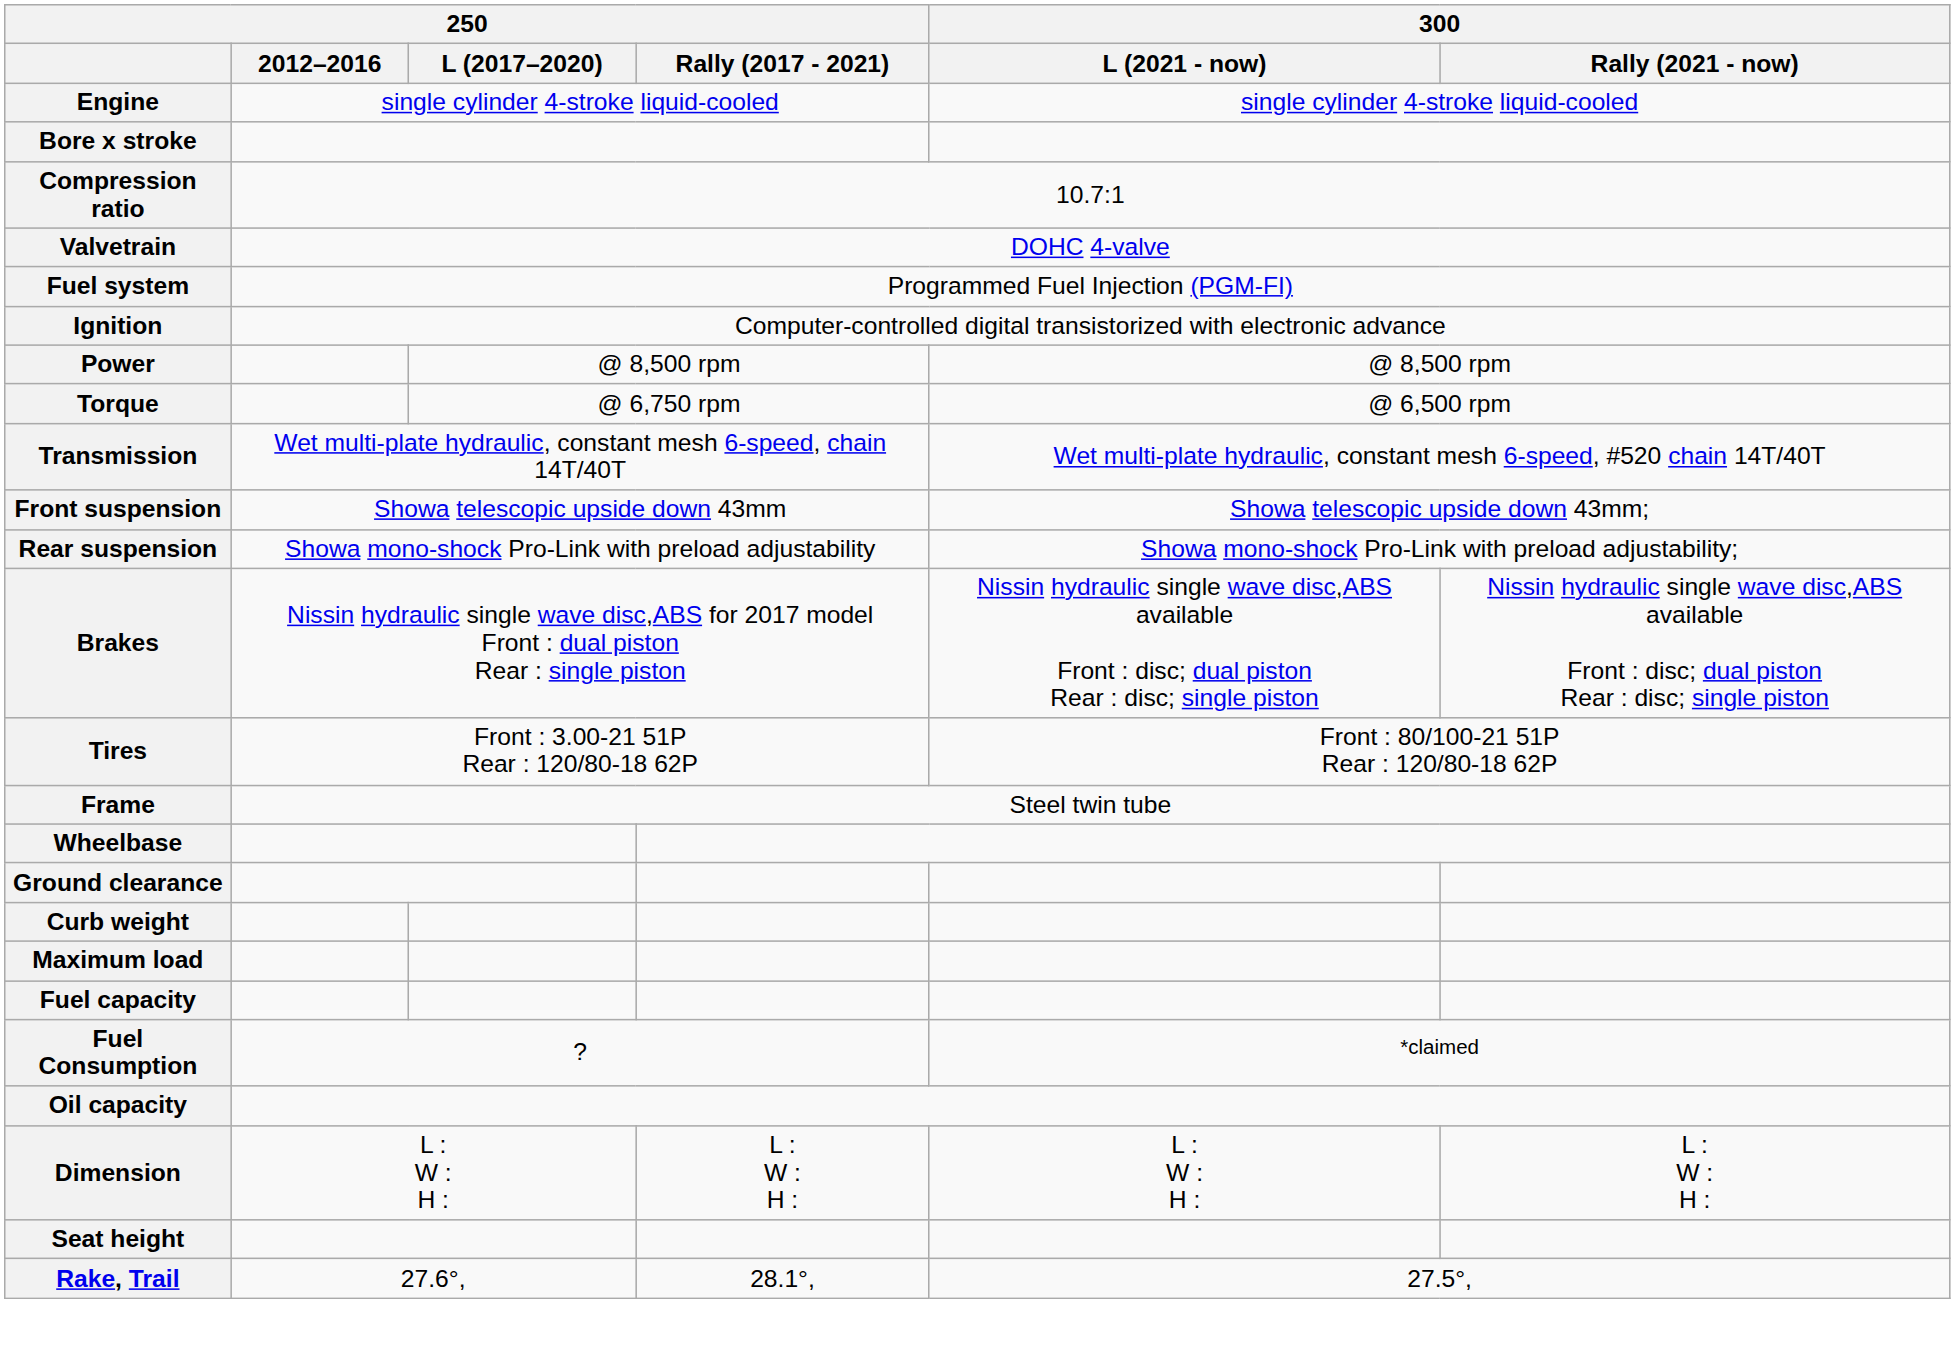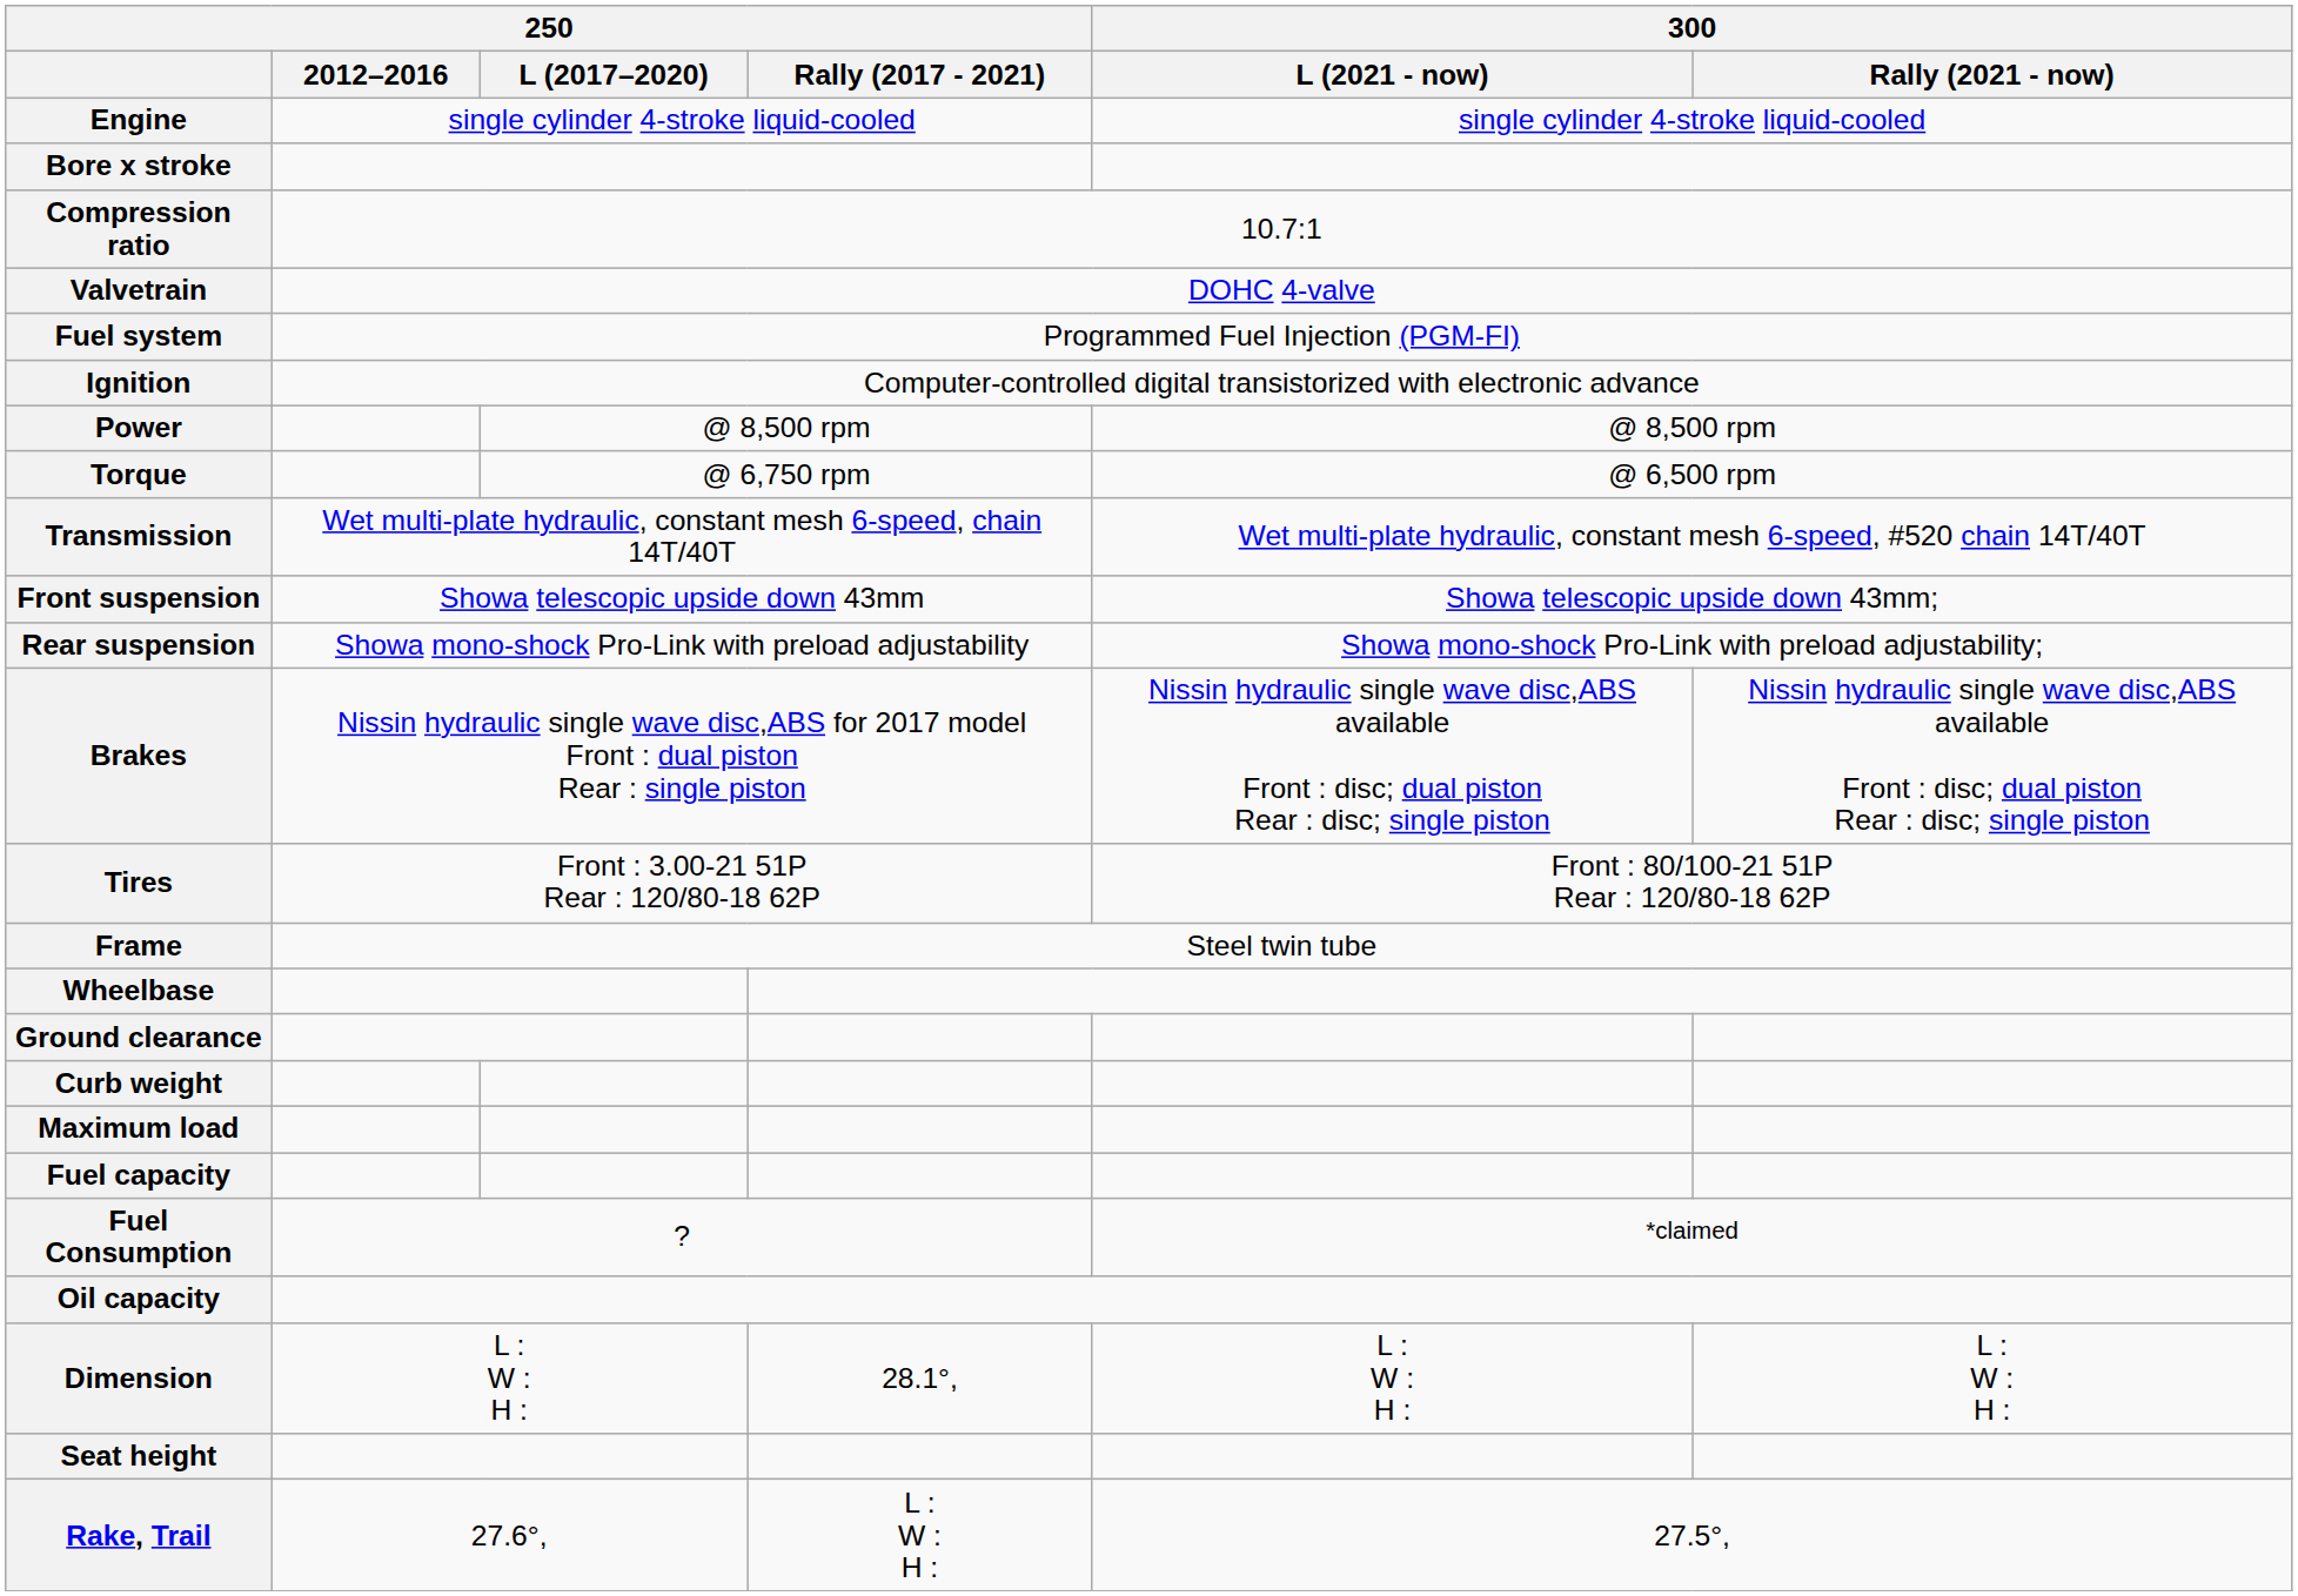 <table class="wikitable" style="margin:auto; text-align:center;">
 <tr>
 <th colspan="4">250</th>
 <th colspan="2">300</th>
 </tr>
 <tr>
 <th></th>
 <th>2012–2016</th>
 <th>L (2017–2020)</th>
 <th>Rally (2017 - 2021)</th>
 <th>L (2021 - now)</th>
 <th>Rally (2021 - now)</th>
 </tr>
 <tr>
 <th>Engine</th>
 <td colspan="3"> <a href='#'>single cylinder</a> <a href='#'>4-stroke</a> <a href='#'>liquid-cooled</a></td>
 <td colspan="2"> <a href='#'>single cylinder</a> <a href='#'>4-stroke</a> <a href='#'>liquid-cooled</a></td>
 </tr>
 <tr>
 <th>Bore x stroke</th>
 <td colspan="3"></td>
 <td colspan="2"></td>
 </tr>
 <tr>
 <th>Compression ratio</th>
 <td colspan="5">10.7:1</td>
 </tr>
 <tr>
 <th>Valvetrain</th>
 <td colspan="5"><a href='#'>DOHC</a> <a href='#'>4-valve</a></td>
 </tr>
 <tr>
 <th>Fuel system</th>
 <td colspan="5">Programmed Fuel Injection <a href='#'>(PGM-FI)</a></td>
 </tr>
 <tr>
 <th>Ignition</th>
 <td colspan="5">Computer-controlled digital transistorized with electronic advance</td>
 </tr>
 <tr>
 <th>Power</th>
 <td></td>
 <td colspan="2"> @ 8,500 rpm</td>
 <td colspan="2"> @ 8,500 rpm</td>
 </tr>
 <tr>
 <th>Torque</th>
 <td></td>
 <td colspan="2"> @ 6,750 rpm</td>
 <td colspan="2"> @ 6,500 rpm</td>
 </tr>
 <tr>
 <th>Transmission</th>
 <td colspan="3"><a href='#'>Wet multi-plate hydraulic</a>, constant mesh <a href='#'>6-speed</a>, <a href='#'>chain</a> 14T/40T</td>
 <td colspan="2"><a href='#'>Wet multi-plate hydraulic</a>, constant mesh <a href='#'>6-speed</a>, #520 <a href='#'>chain</a> 14T/40T</td>
 </tr>
 <tr>
 <th>Front suspension</th>
 <td colspan="3"><a href='#'>Showa</a>  <a href='#'>telescopic upside down</a> 43mm</td>
 <td colspan="2"><a href='#'>Showa</a>  <a href='#'>telescopic upside down</a> 43mm; </td>
 </tr>
 <tr>
 <th>Rear suspension</th>
 <td colspan="3"><a href='#'>Showa</a> <a href='#'>mono-shock</a> Pro-Link with preload adjustability</td>
 <td colspan="2"><a href='#'>Showa</a> <a href='#'>mono-shock</a> Pro-Link with preload adjustability; </td>
 </tr>
 <tr>
 <th>Brakes</th>
 <td colspan="3"><a href='#'>Nissin</a> <a href='#'>hydraulic</a> single <a href='#'>wave disc</a>,<a href='#'>ABS</a> for 2017 model <br>Front : <a href='#'>dual piston</a><br>Rear : <a href='#'>single piston</a></td>
 <td><a href='#'>Nissin</a> <a href='#'>hydraulic</a> single <a href='#'>wave disc</a>,<a href='#'>ABS</a> available <br><br>Front :  disc; <a href='#'>dual piston</a><br> Rear :  disc; <a href='#'>single piston</a></td>
 <td><a href='#'>Nissin</a> <a href='#'>hydraulic</a> single <a href='#'>wave disc</a>,<a href='#'>ABS</a> available <br><br>Front :  disc; <a href='#'>dual piston</a><br> Rear :  disc; <a href='#'>single piston</a></td>
 </tr>
 <tr>
 <th>Tires</th>
 <td colspan="3">Front : 3.00-21 51P<br>Rear : 120/80-18 62P</td>
 <td colspan="2">Front : 80/100-21 51P<br>Rear : 120/80-18 62P</td>
 </tr>
 <tr>
 <th>Frame</th>
 <td colspan="5">Steel twin tube</td>
 </tr>
 <tr>
 <th>Wheelbase</th>
 <td colspan="2"></td>
 <td colspan="3"></td>
 </tr>
 <tr>
 <th>Ground clearance</th>
 <td colspan="2"></td>
 <td></td>
 <td></td>
 <td></td>
 </tr>
 <tr>
 <th>Curb weight</th>
 <td></td>
 <td></td>
 <td></td>
 <td></td>
 <td></td>
 </tr>
 <tr>
 <th>Maximum load</th>
 <td></td>
 <td></td>
 <td></td>
 <td></td>
 <td></td>
 </tr>
 <tr>
 <th>Fuel capacity</th>
 <td></td>
 <td></td>
 <td></td>
 <td></td>
 <td></td>
 </tr>
 <tr>
 <th>Fuel Consumption</th>
 <td colspan="3">?</td>
 <td colspan="3"> <sup>*claimed</sup></td>
 </tr>
 <tr>
 <th>Oil capacity</th>
 <td colspan="5"></td>
 </tr>
 <tr>
 <th>Dimension</th>
 <td colspan="2">L : <br>W : <br>H : </td>
-<td>L : <br>W : <br>H : </td>
+<td>28.1°, </td>
 <td>L : <br>W : <br>H : </td>
 <td>L : <br>W : <br>H : </td>
 </tr>
 <tr>
 <th>Seat height</th>
 <td colspan="2"></td>
 <td></td>
 <td></td>
 <td></td>
 </tr>
 <tr>
 <th><a href='#'>Rake</a>, <a href='#'>Trail</a></th>
 <td colspan="2">27.6°, </td>
-<td>28.1°, </td>
+<td>L : <br>W : <br>H : </td>
 <td colspan="2">27.5°, </td>
 </tr>
 </table>
